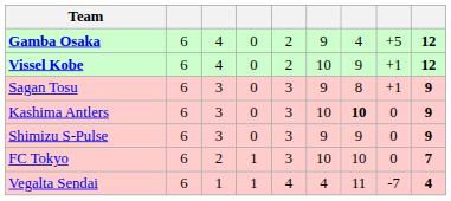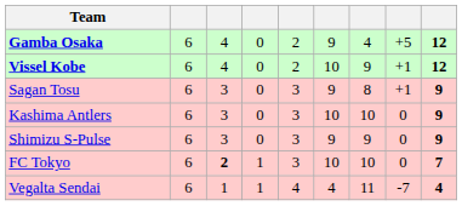 <table class="wikitable" style="text-align:center;">
 <tr>
 <th width=165>Team</th>
 <th width=30></th>
 <th width=30></th>
 <th width=30></th>
 <th width=30></th>
 <th width=30></th>
 <th width=30></th>
 <th width=30></th>
 <th width=30></th>
 </tr>
 <tr style="background:#cfc;">
 <td align="left"><strong><a href='#'>Gamba Osaka</a></strong></td>
 <td>6</td>
 <td>4</td>
 <td>0</td>
 <td>2</td>
 <td>9</td>
 <td>4</td>
 <td>+5</td>
 <td><strong>12</strong></td>
 </tr>
 <tr style="background:#cfc;">
 <td align="left"><strong><a href='#'>Vissel Kobe</a></strong></td>
 <td>6</td>
 <td>4</td>
 <td>0</td>
 <td>2</td>
 <td>10</td>
 <td>9</td>
 <td>+1</td>
 <td><strong>12</strong></td>
 </tr>
 <tr style="background:#fcc;">
 <td align="left"><a href='#'>Sagan Tosu</a></td>
 <td>6</td>
 <td>3</td>
 <td>0</td>
 <td>3</td>
 <td>9</td>
 <td>8</td>
 <td>+1</td>
 <td><strong>9</strong></td>
 </tr>
 <tr style="background:#fcc;">
 <td align="left"><a href='#'>Kashima Antlers</a></td>
 <td>6</td>
 <td>3</td>
 <td>0</td>
 <td>3</td>
 <td>10</td>
-<td><strong>10</strong></td>
+<td>10</td>
 <td>0</td>
 <td><strong>9</strong></td>
 </tr>
 <tr style="background:#fcc;">
 <td align="left"><a href='#'>Shimizu S-Pulse</a></td>
 <td>6</td>
 <td>3</td>
 <td>0</td>
 <td>3</td>
 <td>9</td>
 <td>9</td>
 <td>0</td>
 <td><strong>9</strong></td>
 </tr>
 <tr style="background:#fcc;">
 <td align="left"><a href='#'>FC Tokyo</a></td>
 <td>6</td>
-<td>2</td>
+<td><strong>2</strong></td>
 <td>1</td>
 <td>3</td>
 <td>10</td>
 <td>10</td>
 <td>0</td>
 <td><strong>7</strong></td>
 </tr>
 <tr style="background:#fcc;">
 <td align="left"><a href='#'>Vegalta Sendai</a></td>
 <td>6</td>
 <td>1</td>
 <td>1</td>
 <td>4</td>
 <td>4</td>
 <td>11</td>
 <td>-7</td>
 <td><strong>4</strong></td>
 </tr>
 </table>
